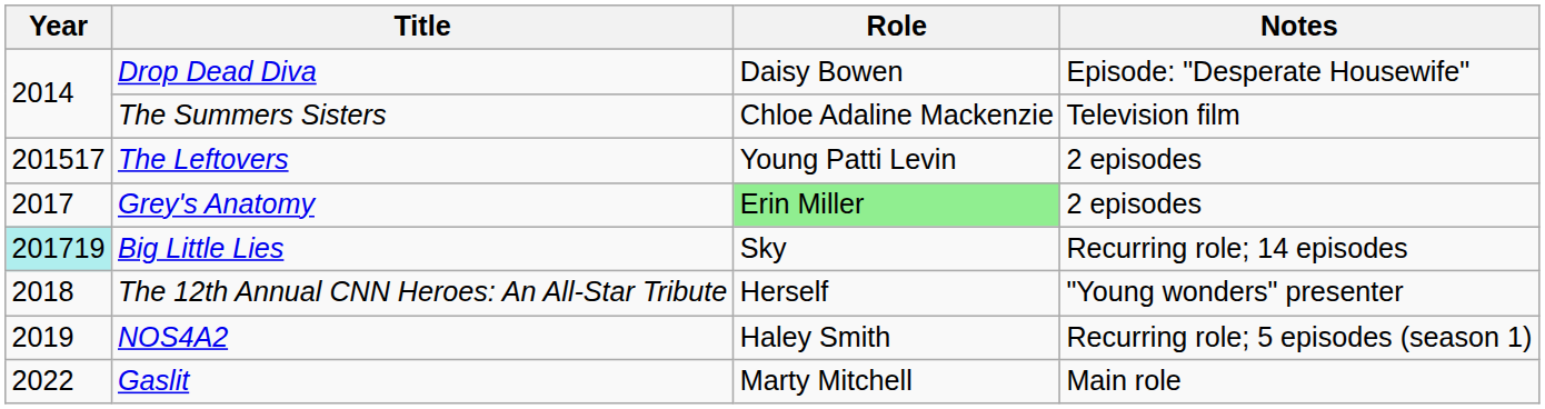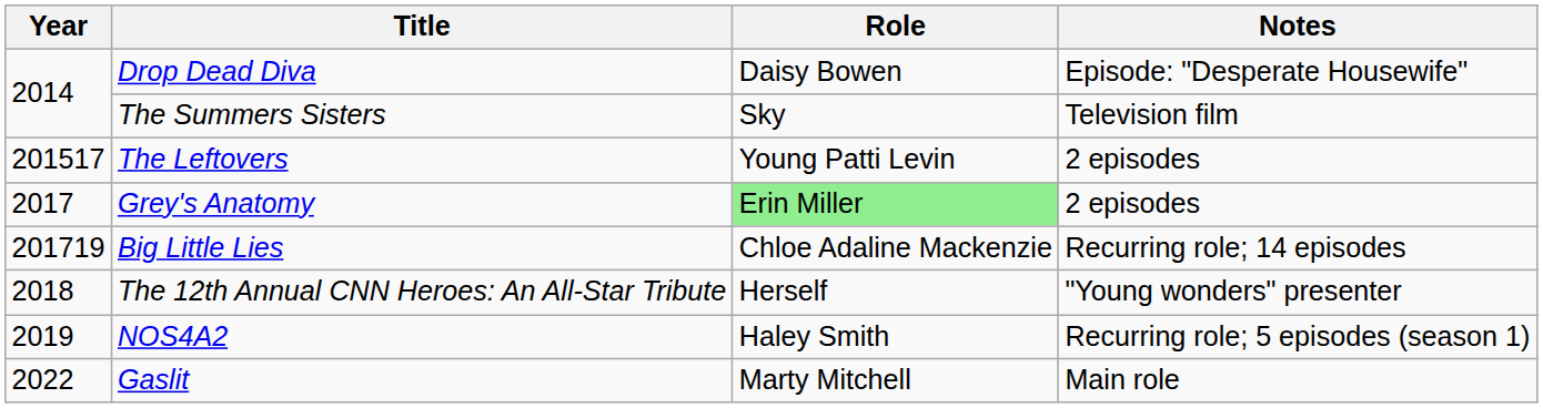 <table class="wikitable sortable">
 <tr>
 <th>Year</th>
 <th>Title</th>
 <th>Role</th>
 <th class="unsortable">Notes</th>
 </tr>
 <tr>
 <td rowspan="2">2014</td>
 <td><em><a href='#'>Drop Dead Diva</a></em></td>
 <td>Daisy Bowen</td>
 <td>Episode: "Desperate Housewife"</td>
 </tr>
 <tr>
 <td><em>The Summers Sisters</em></td>
-<td>Chloe Adaline Mackenzie</td>
+<td>Sky</td>
 <td>Television film</td>
 </tr>
 <tr>
 <td>201517</td>
 <td><em><a href='#'>The Leftovers</a></em></td>
 <td>Young Patti Levin</td>
 <td>2 episodes</td>
 </tr>
 <tr>
 <td>2017</td>
 <td><em><a href='#'>Grey's Anatomy</a></em></td>
 <td style="background: lightgreen;">Erin Miller</td>
 <td>2 episodes</td>
 </tr>
 <tr>
-<td style="background: paleturquoise;">201719</td>
+<td>201719</td>
 <td><em><a href='#'>Big Little Lies</a></em></td>
-<td>Sky</td>
+<td>Chloe Adaline Mackenzie</td>
 <td>Recurring role; 14 episodes</td>
 </tr>
 <tr>
 <td>2018</td>
 <td><em>The 12th Annual CNN Heroes: An All-Star Tribute</em></td>
 <td>Herself</td>
 <td>"Young wonders" presenter</td>
 </tr>
 <tr>
 <td>2019</td>
 <td><em><a href='#'>NOS4A2</a></em></td>
 <td>Haley Smith</td>
 <td>Recurring role; 5 episodes (season 1)</td>
 </tr>
 <tr>
 <td>2022</td>
 <td><em><a href='#'>Gaslit</a></em></td>
 <td>Marty Mitchell</td>
 <td>Main role </td>
 </tr>
 </table>
